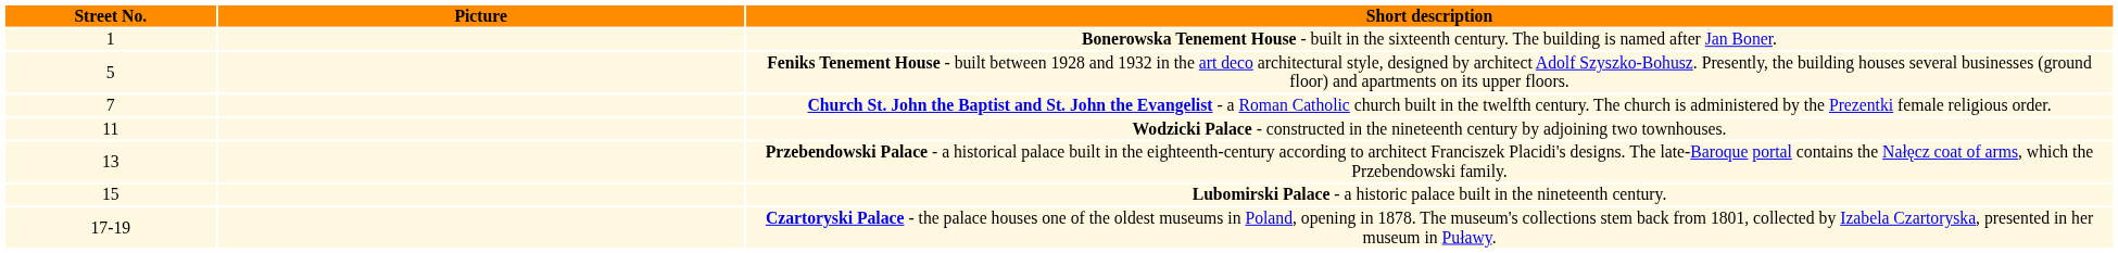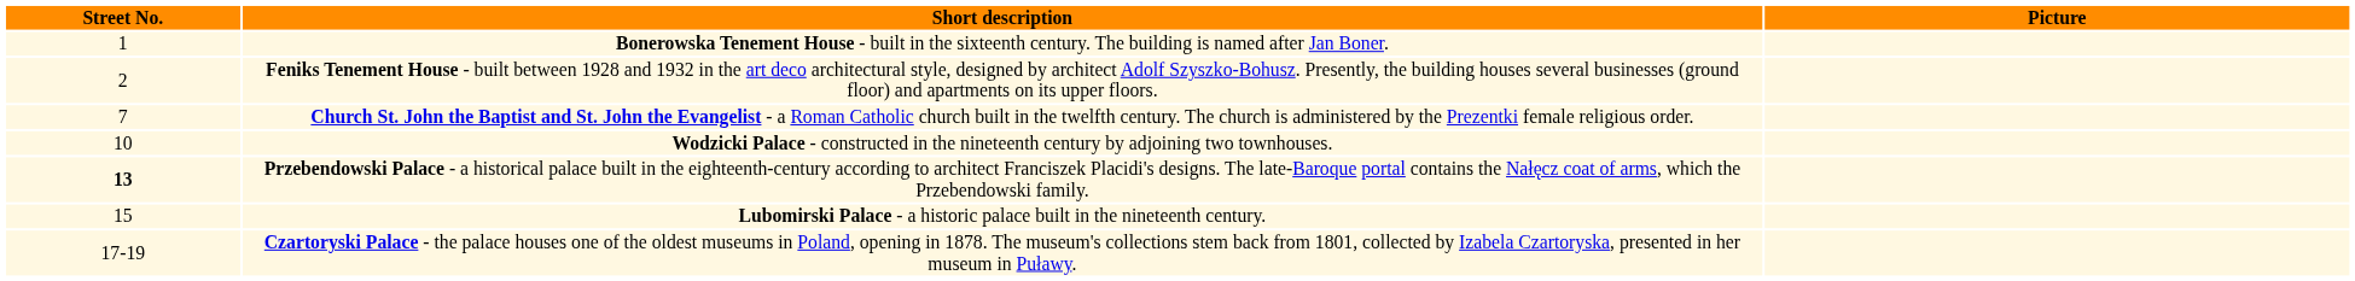 <table>
 <tr ---- bgcolor="#FF 8C 00">
 <th width=4%>Street No.</th>
+<th width=26%>Short description</th>
 <th width=10%>Picture</th>
-<th width=26%>Short description</th>
 </tr>
 <tr ---- bgcolor="#FFF8E1">
 <td align="center">1</td>
+<td align="center"><strong>Bonerowska Tenement House</strong> - built in the sixteenth century. The building is named after <a href='#'>Jan Boner</a>.</td>
 <td align="center"></td>
-<td align="center"><strong>Bonerowska Tenement House</strong> - built in the sixteenth century. The building is named after <a href='#'>Jan Boner</a>.</td>
 </tr>
 <tr ---- bgcolor="#FFF8E1">
-<td align="center">5</td>
+<td align="center">2</td>
+<td align="center"><strong>Feniks Tenement House</strong> - built between 1928 and 1932 in the <a href='#'>art deco</a> architectural style, designed by architect <a href='#'>Adolf Szyszko-Bohusz</a>. Presently, the building houses several businesses (ground floor) and apartments on its upper floors.</td>
 <td align="center"></td>
-<td align="center"><strong>Feniks Tenement House</strong> - built between 1928 and 1932 in the <a href='#'>art deco</a> architectural style, designed by architect <a href='#'>Adolf Szyszko-Bohusz</a>. Presently, the building houses several businesses (ground floor) and apartments on its upper floors.</td>
 </tr>
 <tr ---- bgcolor="#FFF8E1">
 <td align="center">7</td>
+<td align="center"><strong><a href='#'>Church St. John the Baptist and St. John the Evangelist</a></strong> - a <a href='#'>Roman Catholic</a> church built in the twelfth century. The church is administered by the <a href='#'>Prezentki</a> female religious order.</td>
 <td align="center"></td>
-<td align="center"><strong><a href='#'>Church St. John the Baptist and St. John the Evangelist</a></strong> - a <a href='#'>Roman Catholic</a> church built in the twelfth century. The church is administered by the <a href='#'>Prezentki</a> female religious order.</td>
 </tr>
 <tr ---- bgcolor="#FFF8E1">
-<td align="center">11</td>
+<td align="center">10</td>
+<td align="center"><strong>Wodzicki Palace</strong> - constructed in the nineteenth century by adjoining two townhouses.</td>
 <td align="center"></td>
-<td align="center"><strong>Wodzicki Palace</strong> - constructed in the nineteenth century by adjoining two townhouses.</td>
 </tr>
 <tr ---- bgcolor="#FFF8E1">
-<td align="center">13</td>
+<td align="center"><strong>13</strong></td>
+<td align="center"><strong>Przebendowski Palace</strong> - a historical palace built in the eighteenth-century according to architect Franciszek Placidi's designs. The late-<a href='#'>Baroque</a> <a href='#'>portal</a> contains the <a href='#'>Nałęcz coat of arms</a>, which the Przebendowski family.</td>
 <td align="center"></td>
-<td align="center"><strong>Przebendowski Palace</strong> - a historical palace built in the eighteenth-century according to architect Franciszek Placidi's designs. The late-<a href='#'>Baroque</a> <a href='#'>portal</a> contains the <a href='#'>Nałęcz coat of arms</a>, which the Przebendowski family.</td>
 </tr>
 <tr ---- bgcolor="#FFF8E1">
 <td align="center">15</td>
+<td align="center"><strong>Lubomirski Palace</strong> - a historic palace built in the nineteenth century.</td>
 <td align="center"></td>
-<td align="center"><strong>Lubomirski Palace</strong> - a historic palace built in the nineteenth century.</td>
 </tr>
 <tr ---- bgcolor="#FFF8E1">
 <td align="center">17-19</td>
+<td align="center"><strong><a href='#'>Czartoryski Palace</a></strong> - the palace houses one of the oldest museums in <a href='#'>Poland</a>, opening in 1878. The museum's collections stem back from 1801, collected by <a href='#'>Izabela Czartoryska</a>, presented in her museum in <a href='#'>Puławy</a>.</td>
 <td align="center"></td>
-<td align="center"><strong><a href='#'>Czartoryski Palace</a></strong> - the palace houses one of the oldest museums in <a href='#'>Poland</a>, opening in 1878. The museum's collections stem back from 1801, collected by <a href='#'>Izabela Czartoryska</a>, presented in her museum in <a href='#'>Puławy</a>.</td>
 </tr>
 </table>
